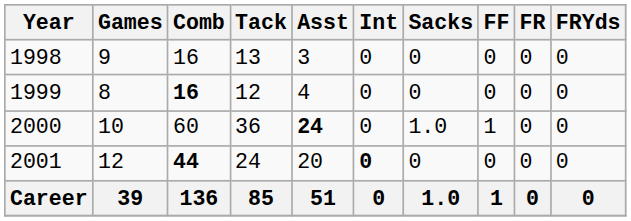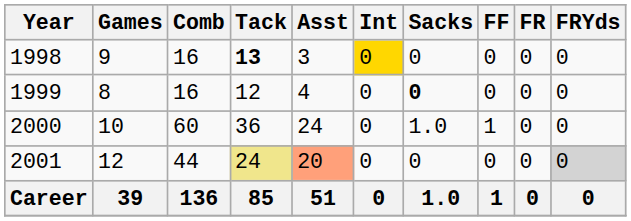 <table class="wikitable">
 <tr>
 <th>Year</th>
 <th>Games</th>
 <th>Comb</th>
 <th>Tack</th>
 <th>Asst</th>
 <th>Int</th>
 <th>Sacks</th>
 <th>FF</th>
 <th>FR</th>
 <th>FRYds</th>
 </tr>
 <tr>
 <td>1998</td>
 <td>9</td>
 <td>16</td>
-<td>13</td>
+<td><strong>13</strong></td>
 <td>3</td>
-<td>0</td>
+<td style="background: gold;">0</td>
 <td>0</td>
 <td>0</td>
 <td>0</td>
 <td>0</td>
 </tr>
 <tr>
 <td>1999</td>
 <td>8</td>
-<td><strong>16</strong></td>
+<td>16</td>
 <td>12</td>
 <td>4</td>
 <td>0</td>
-<td>0</td>
+<td><strong>0</strong></td>
 <td>0</td>
 <td>0</td>
 <td>0</td>
 </tr>
 <tr>
 <td>2000</td>
 <td>10</td>
 <td>60</td>
 <td>36</td>
-<td><strong>24</strong></td>
+<td>24</td>
 <td>0</td>
 <td>1.0</td>
 <td>1</td>
 <td>0</td>
 <td>0</td>
 </tr>
 <tr>
 <td>2001</td>
 <td>12</td>
-<td><strong>44</strong></td>
-<td>24</td>
-<td>20</td>
-<td><strong>0</strong></td>
+<td>44</td>
+<td style="background: khaki;">24</td>
+<td style="background: lightsalmon;">20</td>
 <td>0</td>
 <td>0</td>
 <td>0</td>
 <td>0</td>
+<td style="background: lightgrey;">0</td>
 </tr>
 <tr>
 <th>Career</th>
 <th>39</th>
 <th>136</th>
 <th>85</th>
 <th>51</th>
 <th>0</th>
 <th>1.0</th>
 <th>1</th>
 <th>0</th>
 <th>0</th>
 </tr>
 <tr>
 </tr>
 </table>
